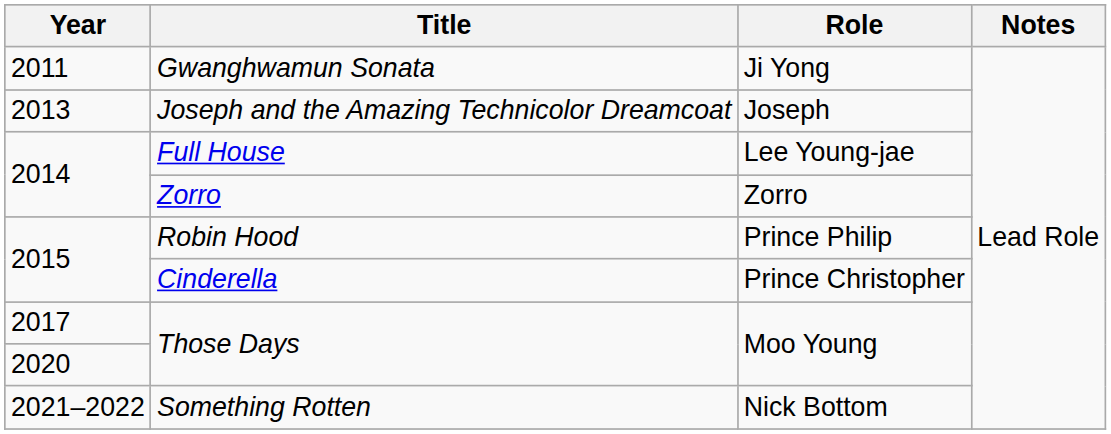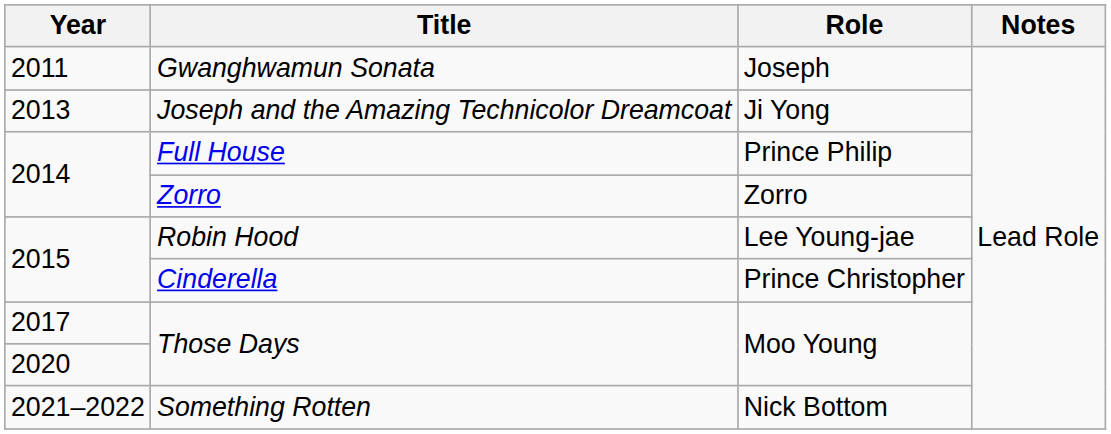 <table class="wikitable">
 <tr>
 <th>Year</th>
 <th>Title</th>
 <th>Role</th>
 <th>Notes</th>
 </tr>
 <tr>
 <td>2011</td>
 <td><em>Gwanghwamun Sonata</em></td>
-<td>Ji Yong</td>
+<td>Joseph</td>
 <td rowspan=9>Lead Role</td>
 </tr>
 <tr>
 <td>2013</td>
 <td><em>Joseph and the Amazing Technicolor Dreamcoat</em></td>
-<td>Joseph</td>
+<td>Ji Yong</td>
 </tr>
 <tr>
 <td rowspan="2">2014</td>
 <td><em><a href='#'>Full House</a></em></td>
-<td>Lee Young-jae</td>
+<td>Prince Philip</td>
 </tr>
 <tr>
 <td><em><a href='#'>Zorro</a></em></td>
 <td>Zorro</td>
 </tr>
 <tr>
 <td rowspan="2">2015</td>
 <td><em>Robin Hood</em></td>
-<td>Prince Philip</td>
+<td>Lee Young-jae</td>
 </tr>
 <tr>
 <td><em><a href='#'>Cinderella</a></em></td>
 <td>Prince Christopher</td>
 </tr>
 <tr>
 <td>2017</td>
 <td rowspan=2><em>Those Days</em></td>
 <td rowspan=2>Moo Young</td>
 </tr>
 <tr>
 <td>2020</td>
 </tr>
 <tr>
 <td>2021–2022</td>
 <td><em>Something Rotten</em></td>
 <td>Nick Bottom</td>
 </tr>
 </table>
